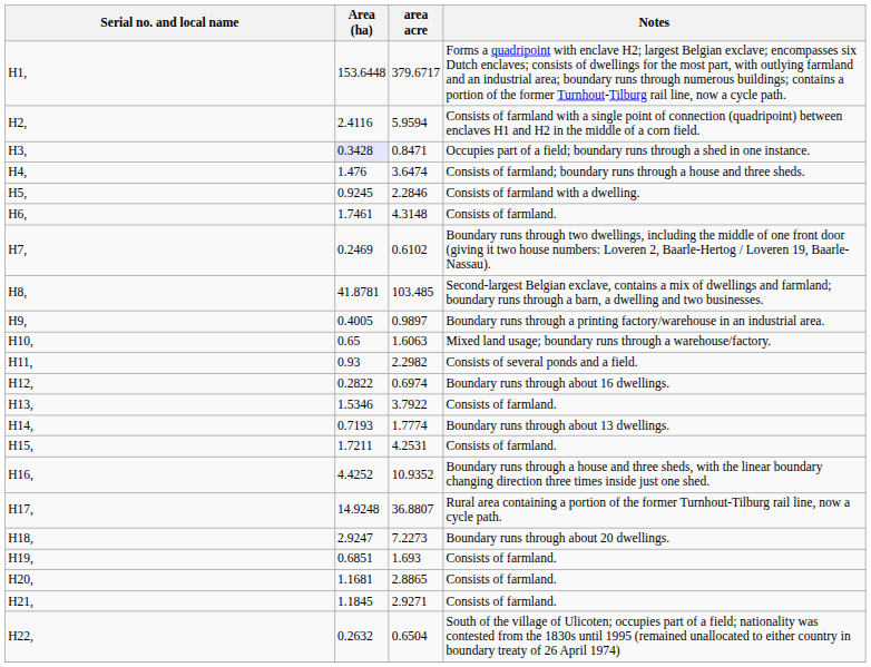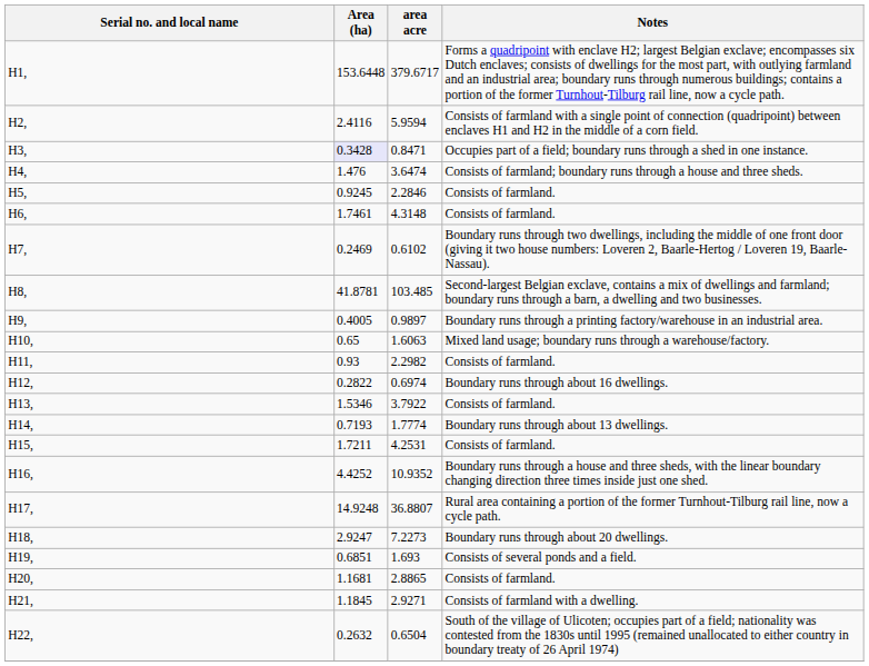 <table class="wikitable sortable" style="text-align:left; font-size:87%; border:1; cellpadding:5; cellspacing:0;">
 <tr bgcolor="#ececec">
 <th scope="col" width="350px"><strong>Serial no. and local name</strong></th>
 <th scope="col" width="50px" data-sort-type="number"><strong>Area (ha)</strong></th>
 <th>area<br>acre</th>
 <th scope="col" width="450px" class="unsortable"><strong>Notes</strong></th>
 </tr>
 <tr>
 <td> H1, </td>
 <td>153.6448</td>
 <td>379.6717</td>
 <td>Forms a <a href='#'>quadripoint</a> with enclave H2; largest Belgian exclave; encompasses six Dutch enclaves; consists of dwellings for the most part, with outlying farmland and an industrial area; boundary runs through numerous buildings; contains a portion of the former <a href='#'>Turnhout</a>-<a href='#'>Tilburg</a> rail line, now a cycle path.</td>
 </tr>
 <tr>
 <td> H2, </td>
 <td>2.4116</td>
 <td>5.9594</td>
 <td>Consists of farmland with a single point of connection (quadripoint) between enclaves H1 and H2 in the middle of a corn field.</td>
 </tr>
 <tr>
 <td> H3, </td>
 <td style="background: lavender;">0.3428</td>
 <td>0.8471</td>
 <td>Occupies part of a field; boundary runs through a shed in one instance.</td>
 </tr>
 <tr>
 <td> H4, </td>
 <td>1.476</td>
 <td>3.6474</td>
 <td>Consists of farmland; boundary runs through a house and three sheds.</td>
 </tr>
 <tr>
 <td> H5, </td>
 <td>0.9245</td>
 <td>2.2846</td>
-<td>Consists of farmland with a dwelling.</td>
+<td>Consists of farmland.</td>
 </tr>
 <tr>
 <td> H6, </td>
 <td>1.7461</td>
 <td>4.3148</td>
 <td>Consists of farmland.</td>
 </tr>
 <tr>
 <td> H7, </td>
 <td>0.2469</td>
 <td>0.6102</td>
 <td>Boundary runs through two dwellings, including the middle of one front door (giving it two house numbers: Loveren 2, Baarle-Hertog / Loveren 19, Baarle-Nassau).</td>
 </tr>
 <tr>
 <td> H8, </td>
 <td>41.8781</td>
 <td>103.485</td>
 <td>Second-largest Belgian exclave, contains a mix of dwellings and farmland; boundary runs through a barn, a dwelling and two businesses.</td>
 </tr>
 <tr>
 <td> H9, </td>
 <td>0.4005</td>
 <td>0.9897</td>
 <td>Boundary runs through a printing factory/warehouse in an industrial area.</td>
 </tr>
 <tr>
 <td> H10, </td>
 <td>0.65</td>
 <td>1.6063</td>
 <td>Mixed land usage; boundary runs through a warehouse/factory.</td>
 </tr>
 <tr>
 <td> H11, </td>
 <td>0.93</td>
 <td>2.2982</td>
-<td>Consists of several ponds and a field.</td>
+<td>Consists of farmland.</td>
 </tr>
 <tr>
 <td> H12, </td>
 <td>0.2822</td>
 <td>0.6974</td>
 <td>Boundary runs through about 16 dwellings.</td>
 </tr>
 <tr>
 <td> H13, </td>
 <td>1.5346</td>
 <td>3.7922</td>
 <td>Consists of farmland.</td>
 </tr>
 <tr>
 <td> H14, </td>
 <td>0.7193</td>
 <td>1.7774</td>
 <td>Boundary runs through about 13 dwellings.</td>
 </tr>
 <tr>
 <td> H15, </td>
 <td>1.7211</td>
 <td>4.2531</td>
 <td>Consists of farmland.</td>
 </tr>
 <tr>
 <td> H16, </td>
 <td>4.4252</td>
 <td>10.9352</td>
 <td>Boundary runs through a house and three sheds, with the linear boundary changing direction three times inside just one shed.</td>
 </tr>
 <tr>
 <td> H17, </td>
 <td>14.9248</td>
 <td>36.8807</td>
 <td>Rural area containing a portion of the former Turnhout-Tilburg rail line, now a cycle path.</td>
 </tr>
 <tr>
 <td> H18, </td>
 <td>2.9247</td>
 <td>7.2273</td>
 <td>Boundary runs through about 20 dwellings.</td>
 </tr>
 <tr>
 <td> H19, </td>
 <td>0.6851</td>
 <td>1.693</td>
-<td>Consists of farmland.</td>
+<td>Consists of several ponds and a field.</td>
 </tr>
 <tr>
 <td> H20, </td>
 <td>1.1681</td>
 <td>2.8865</td>
 <td>Consists of farmland.</td>
 </tr>
 <tr>
 <td> H21, </td>
 <td>1.1845</td>
 <td>2.9271</td>
-<td>Consists of farmland.</td>
+<td>Consists of farmland with a dwelling.</td>
 </tr>
 <tr>
 <td> H22, </td>
 <td>0.2632</td>
 <td>0.6504</td>
 <td>South of the village of Ulicoten; occupies part of a field; nationality was contested from the 1830s until 1995 (remained unallocated to either country in boundary treaty of 26 April 1974)</td>
 </tr>
 <tr>
 </tr>
 </table>
